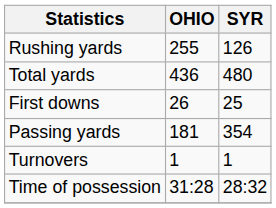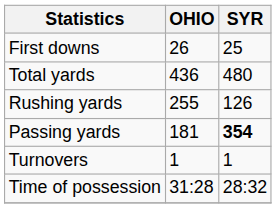 <table class="wikitable" style="float: left;">
 <tr>
 <th>Statistics</th>
 <th>OHIO</th>
 <th>SYR</th>
 </tr>
 <tr>
-<td>Rushing yards</td>
-<td>255</td>
-<td>126</td>
+<td>First downs</td>
+<td>26</td>
+<td>25</td>
 </tr>
 <tr>
 <td>Total yards</td>
 <td>436</td>
 <td>480</td>
 </tr>
 <tr>
-<td>First downs</td>
-<td>26</td>
-<td>25</td>
+<td>Rushing yards</td>
+<td>255</td>
+<td>126</td>
 </tr>
 <tr>
 <td>Passing yards</td>
 <td>181</td>
-<td>354</td>
+<td><strong>354</strong></td>
 </tr>
 <tr>
 <td>Turnovers</td>
 <td>1</td>
 <td>1</td>
 </tr>
 <tr>
 <td>Time of possession</td>
 <td>31:28</td>
 <td>28:32</td>
 </tr>
 <tr>
 </tr>
 </table>
